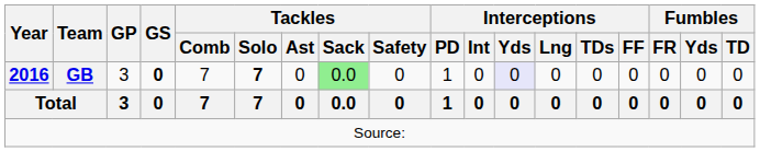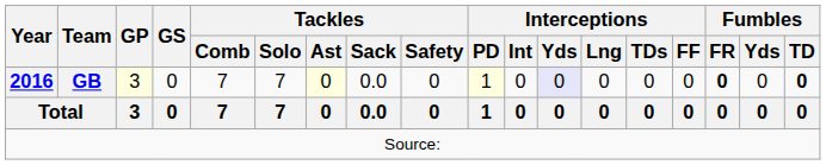 <table class="wikitable" style="text-align: center;">
 <tr>
 <th rowspan=2>Year</th>
 <th rowspan=2>Team</th>
 <th rowspan=2>GP</th>
 <th rowspan=2>GS</th>
 <th colspan=5>Tackles</th>
 <th colspan=6>Interceptions</th>
 <th colspan=4>Fumbles</th>
 </tr>
 <tr>
 <th>Comb</th>
 <th>Solo</th>
 <th>Ast</th>
 <th>Sack</th>
 <th>Safety</th>
 <th>PD</th>
 <th>Int</th>
 <th>Yds</th>
 <th>Lng</th>
 <th>TDs</th>
 <th>FF</th>
 <th>FR</th>
 <th>Yds</th>
 <th>TD</th>
 </tr>
 <tr>
 <th><a href='#'>2016</a></th>
 <th><a href='#'>GB</a></th>
-<td>3</td>
-<td><strong>0</strong></td>
+<td style="background: lightyellow;">3</td>
+<td>0</td>
 <td>7</td>
-<td><strong>7</strong></td>
+<td>7</td>
+<td style="background: lightyellow;">0</td>
+<td>0.0</td>
 <td>0</td>
-<td style="background: lightgreen;">0.0</td>
-<td>0</td>
-<td>1</td>
+<td style="background: lightyellow;">1</td>
 <td>0</td>
 <td style="background: lavender;">0</td>
 <td>0</td>
 <td>0</td>
 <td>0</td>
+<td><strong>0</strong></td>
 <td>0</td>
-<td>0</td>
-<td>0</td>
+<td><strong>0</strong></td>
 </tr>
 <tr>
 <th colspan="2">Total</th>
 <th>3</th>
 <th>0</th>
 <th>7</th>
 <th>7</th>
 <th>0</th>
 <th>0.0</th>
 <th>0</th>
 <th>1</th>
 <th>0</th>
 <th>0</th>
 <th>0</th>
 <th>0</th>
 <th>0</th>
 <th>0</th>
 <th>0</th>
 <th>0</th>
 </tr>
 <tr>
 <td colspan="18"><small>Source: </small></td>
 </tr>
 </table>
